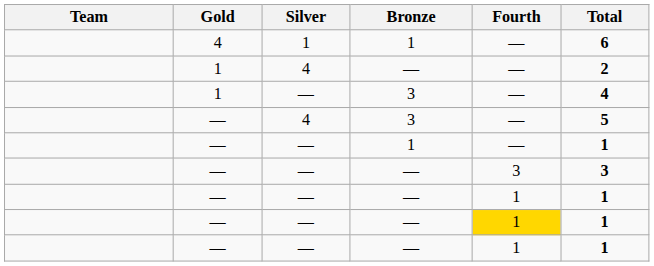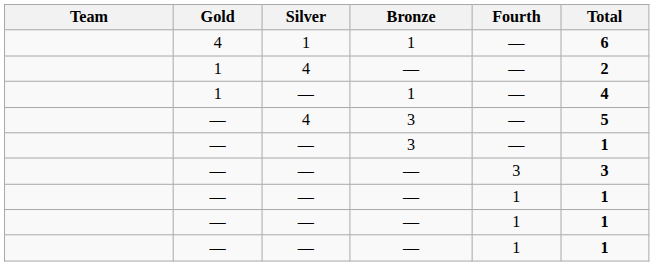 <table class="wikitable sortable" style="text-align:center;">
 <tr>
 <th style="width:10em;">Team</th>
 <th style="width:5em;"> Gold</th>
 <th style="width:5em;"> Silver</th>
 <th style="width:7.5em; padding:0;"> Bronze</th>
 <th style="width:5em;">Fourth</th>
 <th style="width:5em;">Total </th>
 </tr>
 <tr>
 <td align=left></td>
 <td>4</td>
 <td>1</td>
 <td>1</td>
 <td>—</td>
 <td><strong>6</strong></td>
 </tr>
 <tr>
 <td align="left"></td>
 <td>1</td>
 <td>4</td>
 <td>—</td>
 <td>—</td>
 <td><strong>2</strong></td>
 </tr>
 <tr>
 <td align=left></td>
 <td>1</td>
 <td>—</td>
-<td>3</td>
+<td>1</td>
 <td>—</td>
 <td><strong>4</strong></td>
 </tr>
 <tr>
 <td align="left"></td>
 <td>—</td>
 <td>4</td>
 <td>3</td>
 <td>—</td>
 <td><strong>5</strong></td>
 </tr>
 <tr>
 <td align=left></td>
 <td>—</td>
 <td>—</td>
-<td>1</td>
+<td>3</td>
 <td>—</td>
 <td><strong>1</strong></td>
 </tr>
 <tr>
 <td align=left></td>
 <td>—</td>
 <td>—</td>
 <td>—</td>
 <td>3</td>
 <td><strong>3</strong></td>
 </tr>
 <tr>
 <td align=left></td>
 <td>—</td>
 <td>—</td>
 <td>—</td>
 <td>1</td>
 <td><strong>1</strong></td>
 </tr>
 <tr>
 <td align=left></td>
 <td>—</td>
 <td>—</td>
 <td>—</td>
-<td style="background: gold;">1</td>
+<td>1</td>
 <td><strong>1</strong></td>
 </tr>
 <tr>
 <td align=left></td>
 <td>—</td>
 <td>—</td>
 <td>—</td>
 <td>1</td>
 <td><strong>1</strong></td>
 </tr>
 </table>
